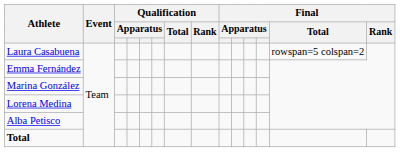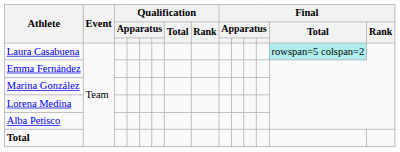 <table class="wikitable" style="font-size:90%">
 <tr>
 <th rowspan=3>Athlete</th>
 <th rowspan=3>Event</th>
 <th colspan=6>Qualification</th>
 <th colspan=6>Final</th>
 </tr>
 <tr style="font-size:95%">
 <th colspan=4>Apparatus</th>
 <th rowspan=2>Total</th>
 <th rowspan=2>Rank</th>
 <th colspan=4>Apparatus</th>
 <th rowspan=2>Total</th>
 <th rowspan=2>Rank</th>
 </tr>
 <tr style="font-size:95%">
 <th></th>
 <th></th>
 <th></th>
 <th></th>
 <th></th>
 <th></th>
 <th></th>
 <th></th>
 </tr>
 <tr align=center>
 <td align=left><a href='#'>Laura Casabuena</a></td>
 <td align=left rowspan=6>Team</td>
 <td></td>
 <td></td>
 <td></td>
 <td></td>
 <td></td>
 <td></td>
 <td></td>
 <td></td>
 <td></td>
 <td></td>
-<td>rowspan=5 colspan=2</td>
+<td style="background: paleturquoise;">rowspan=5 colspan=2</td>
 </tr>
 <tr align=center>
 <td align=left><a href='#'>Emma Fernández</a></td>
 <td></td>
 <td></td>
 <td></td>
 <td></td>
 <td></td>
 <td></td>
 <td></td>
 <td></td>
 <td></td>
 <td></td>
 </tr>
 <tr align=center>
 <td align=left><a href='#'>Marina González</a></td>
 <td></td>
 <td></td>
 <td></td>
 <td></td>
 <td></td>
 <td></td>
 <td></td>
 <td></td>
 <td></td>
 <td></td>
 </tr>
 <tr align=center>
 <td align=left><a href='#'>Lorena Medina</a></td>
 <td></td>
 <td></td>
 <td></td>
 <td></td>
 <td></td>
 <td></td>
 <td></td>
 <td></td>
 <td></td>
 <td></td>
 </tr>
 <tr align=center>
 <td align=left><a href='#'>Alba Petisco</a></td>
 <td></td>
 <td></td>
 <td></td>
 <td></td>
 <td></td>
 <td></td>
 <td></td>
 <td></td>
 <td></td>
 <td></td>
 </tr>
 <tr align=center>
 <td align=left><strong>Total</strong></td>
 <td></td>
 <td></td>
 <td></td>
 <td></td>
 <td></td>
 <td></td>
 <td></td>
 <td></td>
 <td></td>
 <td></td>
 <td></td>
 <td></td>
 </tr>
 </table>
